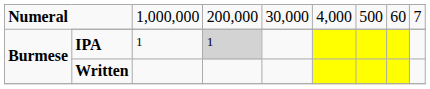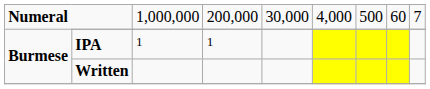 <table class="wikitable">
 <tr>
 <td colspan="2"><strong>Numeral</strong></td>
 <td>1,000,000</td>
 <td>200,000</td>
 <td>30,000</td>
 <td>4,000</td>
 <td>500</td>
 <td>60</td>
 <td>7</td>
 </tr>
 <tr>
 <td rowspan="3"><strong>Burmese</strong></td>
 </tr>
 <tr>
 <td><strong>IPA</strong></td>
 <td><sup>1</sup></td>
-<td style="background: lightgrey;"><sup>1</sup></td>
+<td><sup>1</sup></td>
 <td></td>
 <td style="background:yellow"></td>
 <td style="background:yellow"></td>
 <td style="background:yellow"></td>
 <td></td>
 </tr>
 <tr>
 <td><strong>Written</strong></td>
 <td></td>
 <td></td>
 <td></td>
 <td style="background:yellow"></td>
 <td style="background:yellow"></td>
 <td style="background:yellow"></td>
 <td></td>
 </tr>
 <tr>
 </tr>
 </table>
